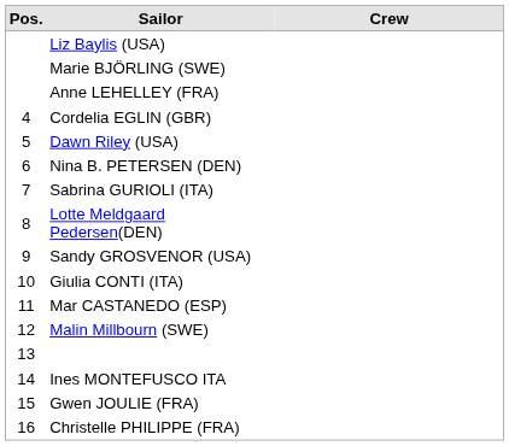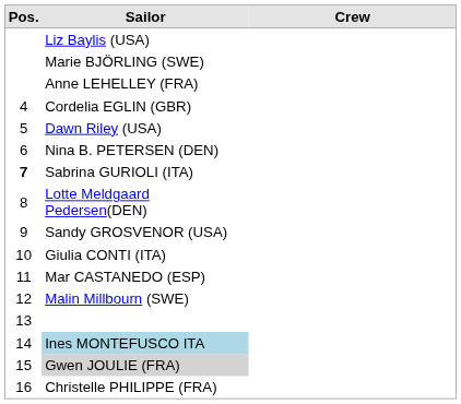 <table cellspacing="0" cellpadding="3" style="border:1px solid #AAAAAA;font-size:90%">
 <tr bgcolor="#E4E4E4">
 <th style="border-bottom:1px solid #AAAAAA" width=10>Pos.</th>
 <th style="border-bottom:1px solid #AAAAAA" width=200>Sailor</th>
 <th style="border-bottom:1px solid #AAAAAA" width=200>Crew</th>
 </tr>
 <tr>
 <td align="center"></td>
 <td><a href='#'>Liz Baylis</a> (USA)</td>
 <td></td>
 </tr>
 <tr>
 <td align="center"></td>
 <td>Marie BJÖRLING (SWE)</td>
 <td></td>
 </tr>
 <tr>
 <td align="center"></td>
 <td>Anne LEHELLEY (FRA)</td>
 <td></td>
 </tr>
 <tr>
 <td align="center">4</td>
 <td>Cordelia EGLIN (GBR)</td>
 <td></td>
 </tr>
 <tr>
 <td align="center">5</td>
 <td><a href='#'>Dawn Riley</a> (USA)</td>
 <td></td>
 </tr>
 <tr>
 <td align="center">6</td>
 <td>Nina B. PETERSEN (DEN)</td>
 <td></td>
 </tr>
 <tr>
-<td align="center">7</td>
+<td align="center"><strong>7</strong></td>
 <td>Sabrina GURIOLI (ITA)</td>
 <td></td>
 </tr>
 <tr>
 <td align="center">8</td>
 <td><a href='#'>Lotte Meldgaard Pedersen</a>(DEN)</td>
 <td></td>
 </tr>
 <tr>
 <td align="center">9</td>
 <td>Sandy GROSVENOR (USA)</td>
 <td></td>
 </tr>
 <tr>
 <td align="center">10</td>
 <td>Giulia CONTI (ITA)</td>
 <td></td>
 </tr>
 <tr>
 <td align="center">11</td>
 <td>Mar CASTANEDO (ESP)</td>
 <td></td>
 </tr>
 <tr>
 <td align="center">12</td>
 <td><a href='#'>Malin Millbourn</a> (SWE)</td>
 <td></td>
 </tr>
 <tr>
 <td align="center">13</td>
 <td></td>
 <td></td>
 </tr>
 <tr>
 <td align="center">14</td>
-<td>Ines MONTEFUSCO ITA</td>
+<td style="background: lightblue;">Ines MONTEFUSCO ITA</td>
 <td></td>
 </tr>
 <tr>
 <td align="center">15</td>
-<td>Gwen JOULIE (FRA)</td>
+<td style="background: lightgrey;">Gwen JOULIE (FRA)</td>
 <td></td>
 </tr>
 <tr>
 <td align="center">16</td>
 <td>Christelle PHILIPPE (FRA)</td>
 <td></td>
 </tr>
 <tr>
 </tr>
 </table>
